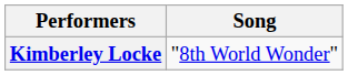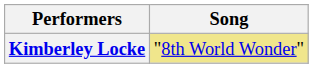 <table class="wikitable unsortable" style="text-align:center;">
 <tr>
 <th scope="col">Performers</th>
 <th scope="col">Song</th>
 </tr>
 <tr>
 <th scope="row"><a href='#'>Kimberley Locke</a></th>
-<td>"<a href='#'>8th World Wonder</a>"</td>
+<td style="background: khaki;">"<a href='#'>8th World Wonder</a>"</td>
 </tr>
 </table>
